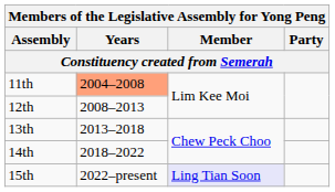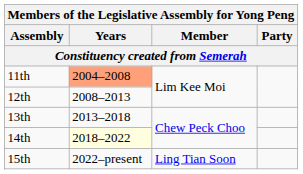 <table class="wikitable">
 <tr>
 <th colspan="4">Members of the Legislative Assembly for Yong Peng</th>
 </tr>
 <tr>
 <th>Assembly</th>
 <th>Years</th>
 <th>Member</th>
 <th>Party</th>
 </tr>
 <tr>
 <th colspan="4"><em>Constituency created from <a href='#'>Semerah</a></em></th>
 </tr>
 <tr>
 <td>11th</td>
 <td style="background: lightsalmon;">2004–2008</td>
 <td rowspan="2">Lim Kee Moi</td>
 <td rowspan="2"></td>
 </tr>
 <tr>
 <td>12th</td>
 <td>2008–2013</td>
 </tr>
 <tr>
 <td>13th</td>
 <td>2013–2018</td>
 <td rowspan="2"><a href='#'>Chew Peck Choo</a></td>
 <td></td>
 </tr>
 <tr>
 <td>14th</td>
-<td>2018–2022</td>
+<td style="background: lightyellow;">2018–2022</td>
 <td></td>
 </tr>
 <tr>
 <td>15th</td>
 <td>2022–present</td>
-<td style="background: lavender;"><a href='#'>Ling Tian Soon</a></td>
+<td><a href='#'>Ling Tian Soon</a></td>
 <td></td>
 </tr>
 </table>
